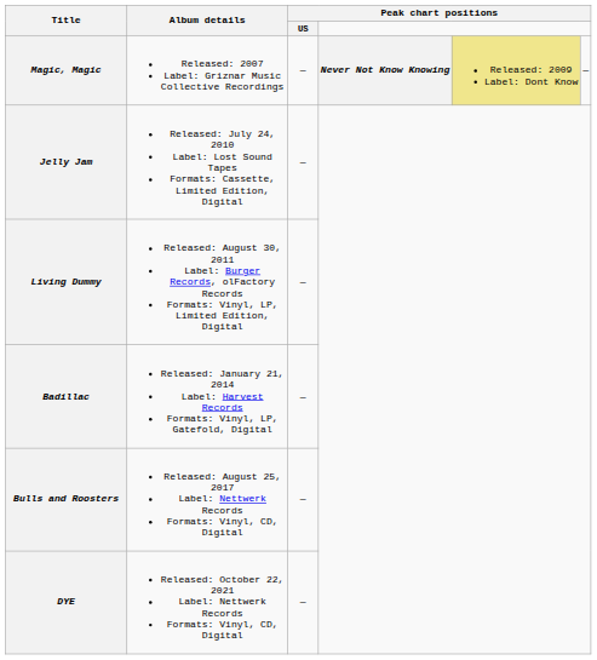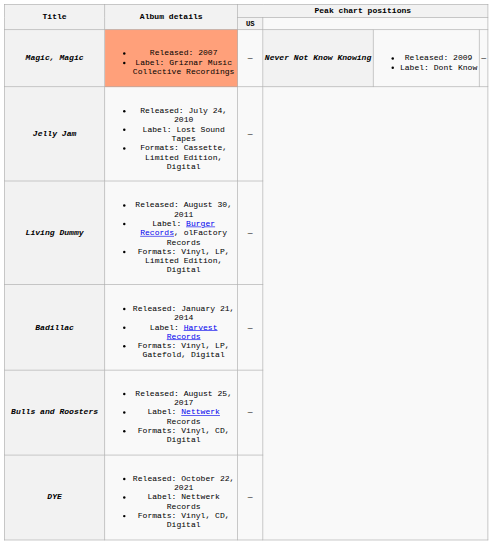 <table class="wikitable plainrowheaders" style="text-align:center;">
 <tr>
 <th scope="col" rowspan="2" style="width:12em;">Title</th>
 <th scope="col" rowspan="2" style="width:16em;">Album details</th>
 <th scope="col" colspan="5">Peak chart positions</th>
 </tr>
 <tr>
 <th scope="col" style="width:3em;font-size:90%;">US</th>
 </tr>
 <tr>
 <th scope="row"><em>Magic, Magic</em></th>
-<td><br><ul><li>Released: 2007</li><li>Label: Griznar Music Collective Recordings</li></ul></td>
+<td style="background: lightsalmon;"><br><ul><li>Released: 2007</li><li>Label: Griznar Music Collective Recordings</li></ul></td>
 <td>—</td>
 <th scope="row"><em>Never Not Know Knowing</em></th>
-<td style="background: khaki;"><br><ul><li>Released: 2009</li><li>Label: Dont Know</li></ul></td>
+<td><br><ul><li>Released: 2009</li><li>Label: Dont Know</li></ul></td>
 <td>—</td>
 </tr>
 <tr>
 <th scope="row"><em>Jelly Jam</em></th>
 <td><br><ul><li>Released: July 24, 2010</li><li>Label: Lost Sound Tapes</li><li>Formats: Cassette, Limited Edition, Digital</li></ul></td>
 <td>—</td>
 </tr>
 <tr>
 <th scope="row"><em>Living Dummy</em></th>
 <td><br><ul><li>Released: August 30, 2011</li><li>Label: <a href='#'>Burger Records</a>, olFactory Records</li><li>Formats: Vinyl, LP, Limited Edition, Digital</li></ul></td>
 <td>—</td>
 </tr>
 <tr>
 <th scope="row"><em>Badillac</em></th>
 <td><br><ul><li>Released: January 21, 2014</li><li>Label: <a href='#'>Harvest Records</a></li><li>Formats: Vinyl, LP, Gatefold, Digital</li></ul></td>
 <td>—</td>
 </tr>
 <tr>
 <th scope="row"><em>Bulls and Roosters</em></th>
 <td><br><ul><li>Released: August 25, 2017</li><li>Label: <a href='#'>Nettwerk</a> Records</li><li>Formats: Vinyl, CD, Digital</li></ul></td>
 <td>—</td>
 </tr>
 <tr>
 <th scope="row"><em>DYE</em></th>
 <td><br><ul><li>Released: October 22, 2021</li><li>Label: Nettwerk Records</li><li>Formats: Vinyl, CD, Digital</li></ul></td>
 <td>—</td>
 </tr>
 </table>
